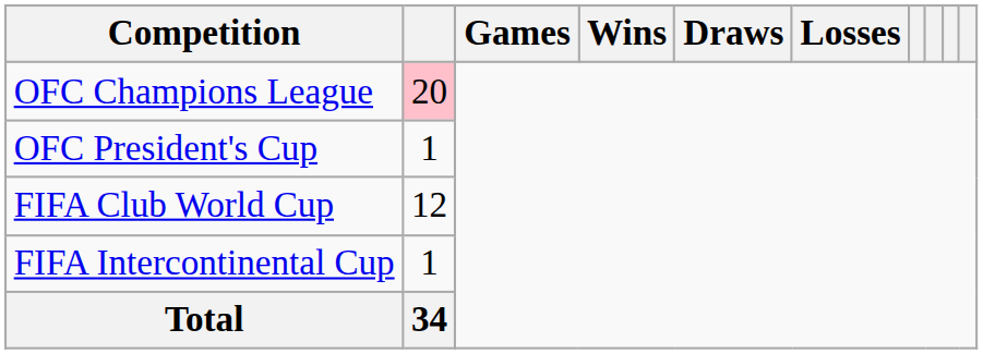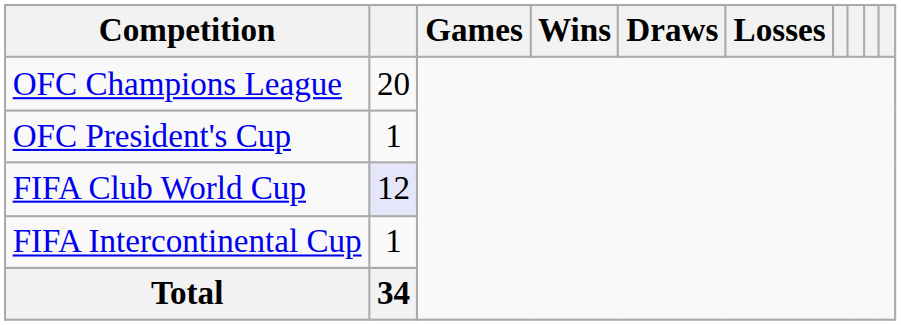 <table class="wikitable sortable sort-under" style="text-align:center">
 <tr>
 <th>Competition</th>
 <th></th>
 <th>Games</th>
 <th>Wins</th>
 <th>Draws</th>
 <th>Losses</th>
 <th></th>
 <th></th>
 <th></th>
 <th></th>
 </tr>
 <tr>
 <td align=left><a href='#'>OFC Champions League</a></td>
-<td style="background: pink;">20<br></td>
+<td>20<br></td>
 </tr>
 <tr>
 <td align=left><a href='#'>OFC President's Cup</a></td>
 <td>1<br></td>
 </tr>
 <tr>
 <td align=left><a href='#'>FIFA Club World Cup</a></td>
-<td>12<br></td>
+<td style="background: lavender;">12<br></td>
 </tr>
 <tr>
 <td align=left><a href='#'>FIFA Intercontinental Cup</a></td>
 <td>1<br></td>
 </tr>
 <tr>
 <th>Total</th>
 <th>34<br></th>
 </tr>
 </table>
